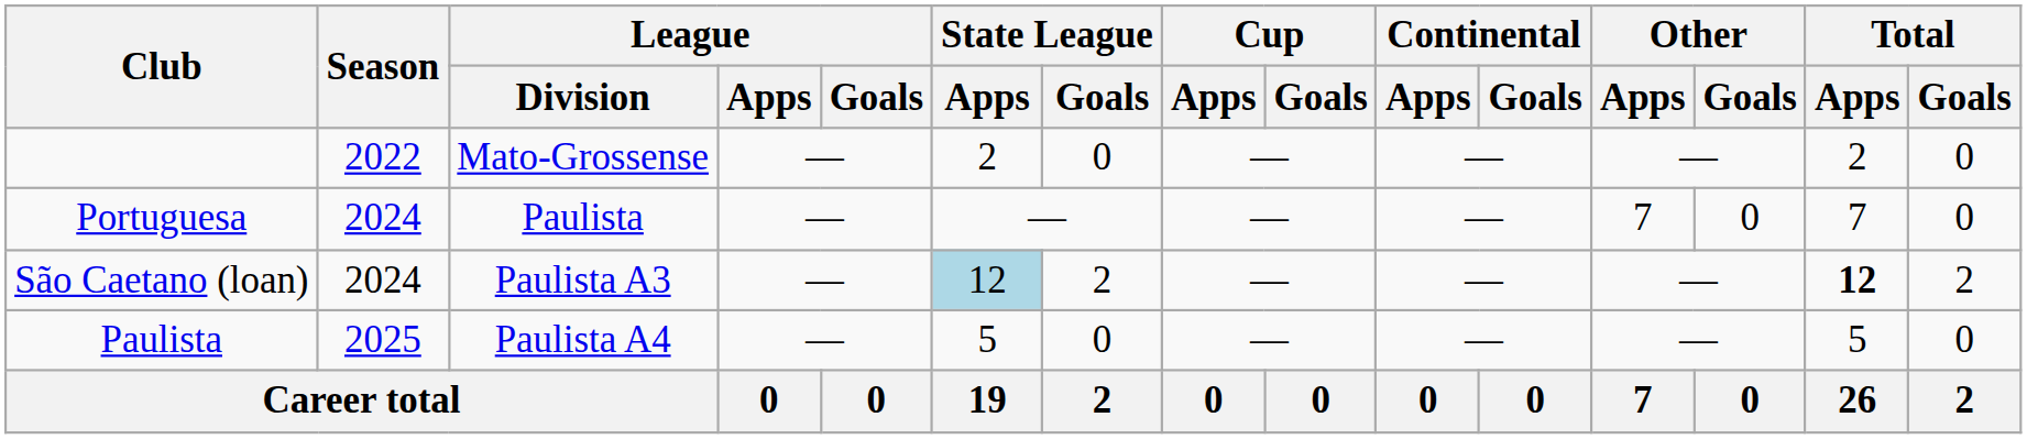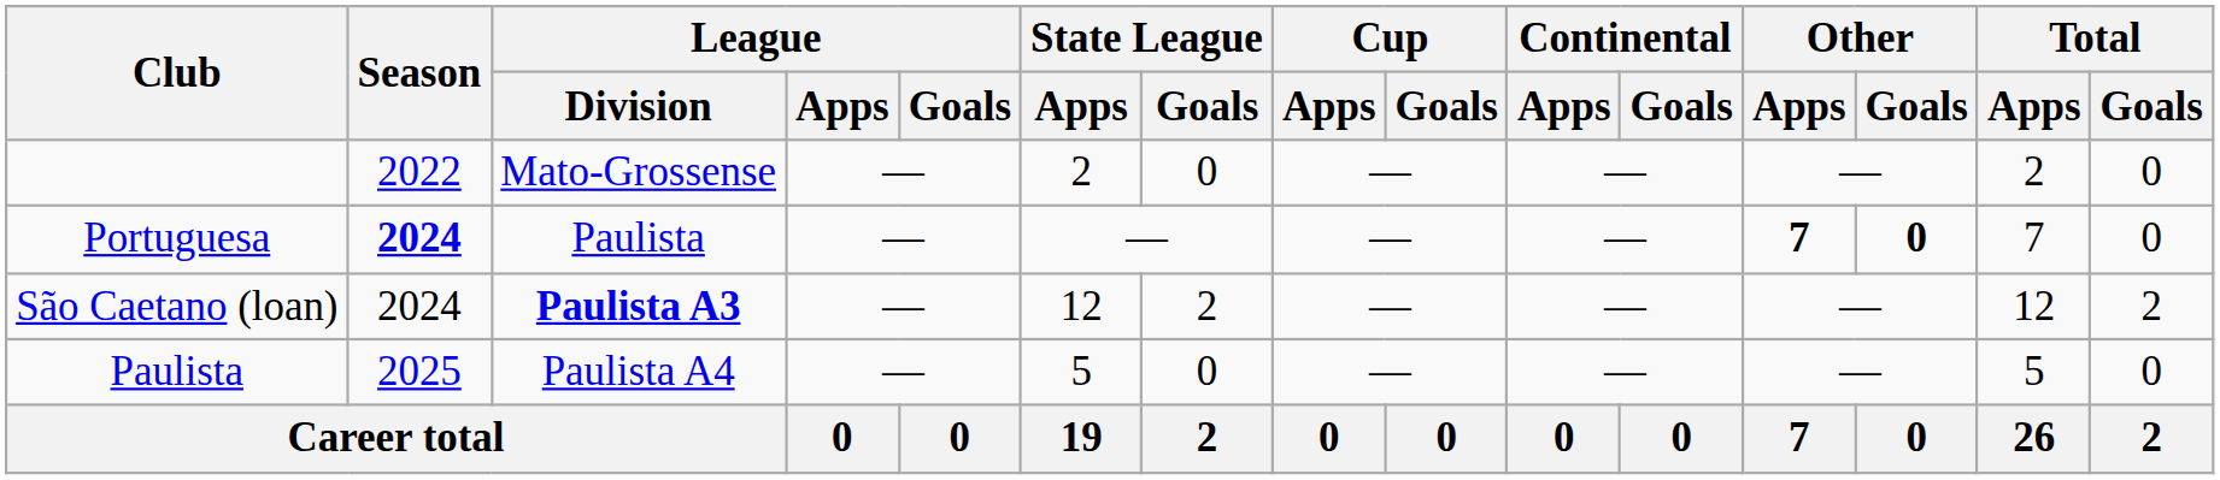 <table class="wikitable" style="text-align: center;">
 <tr>
 <th rowspan="2">Club</th>
 <th rowspan="2">Season</th>
 <th colspan="3">League</th>
 <th colspan="2">State League</th>
 <th colspan="2">Cup</th>
 <th colspan="2">Continental</th>
 <th colspan="2">Other</th>
 <th colspan="2">Total</th>
 </tr>
 <tr>
 <th>Division</th>
 <th>Apps</th>
 <th>Goals</th>
 <th>Apps</th>
 <th>Goals</th>
 <th>Apps</th>
 <th>Goals</th>
 <th>Apps</th>
 <th>Goals</th>
 <th>Apps</th>
 <th>Goals</th>
 <th>Apps</th>
 <th>Goals</th>
 </tr>
 <tr>
 <td valign="center"></td>
 <td><a href='#'>2022</a></td>
 <td><a href='#'>Mato-Grossense</a></td>
 <td colspan="2">—</td>
 <td>2</td>
 <td>0</td>
 <td colspan="2">—</td>
 <td colspan="2">—</td>
 <td colspan="2">—</td>
 <td>2</td>
 <td>0</td>
 </tr>
 <tr>
 <td valign="center"><a href='#'>Portuguesa</a></td>
-<td><a href='#'>2024</a></td>
+<td><strong><a href='#'>2024</a></strong></td>
 <td><a href='#'>Paulista</a></td>
 <td colspan="2">—</td>
 <td colspan="2">—</td>
 <td colspan="2">—</td>
 <td colspan="2">—</td>
-<td>7</td>
-<td>0</td>
+<td><strong>7</strong></td>
+<td><strong>0</strong></td>
 <td>7</td>
 <td>0</td>
 </tr>
 <tr>
 <td valign="center"><a href='#'>São Caetano</a> (loan)</td>
 <td>2024</td>
-<td><a href='#'>Paulista A3</a></td>
+<td><strong><a href='#'>Paulista A3</a></strong></td>
 <td colspan="2">—</td>
-<td style="background: lightblue;">12</td>
+<td>12</td>
 <td>2</td>
 <td colspan="2">—</td>
 <td colspan="2">—</td>
 <td colspan="2">—</td>
-<td><strong>12</strong></td>
+<td>12</td>
 <td>2</td>
 </tr>
 <tr>
 <td valign="center"><a href='#'>Paulista</a></td>
 <td><a href='#'>2025</a></td>
 <td><a href='#'>Paulista A4</a></td>
 <td colspan="2">—</td>
 <td>5</td>
 <td>0</td>
 <td colspan="2">—</td>
 <td colspan="2">—</td>
 <td colspan="2">—</td>
 <td>5</td>
 <td>0</td>
 </tr>
 <tr>
 <th colspan="3"><strong>Career total</strong></th>
 <th>0</th>
 <th>0</th>
 <th>19</th>
 <th>2</th>
 <th>0</th>
 <th>0</th>
 <th>0</th>
 <th>0</th>
 <th>7</th>
 <th>0</th>
 <th>26</th>
 <th>2</th>
 </tr>
 </table>
